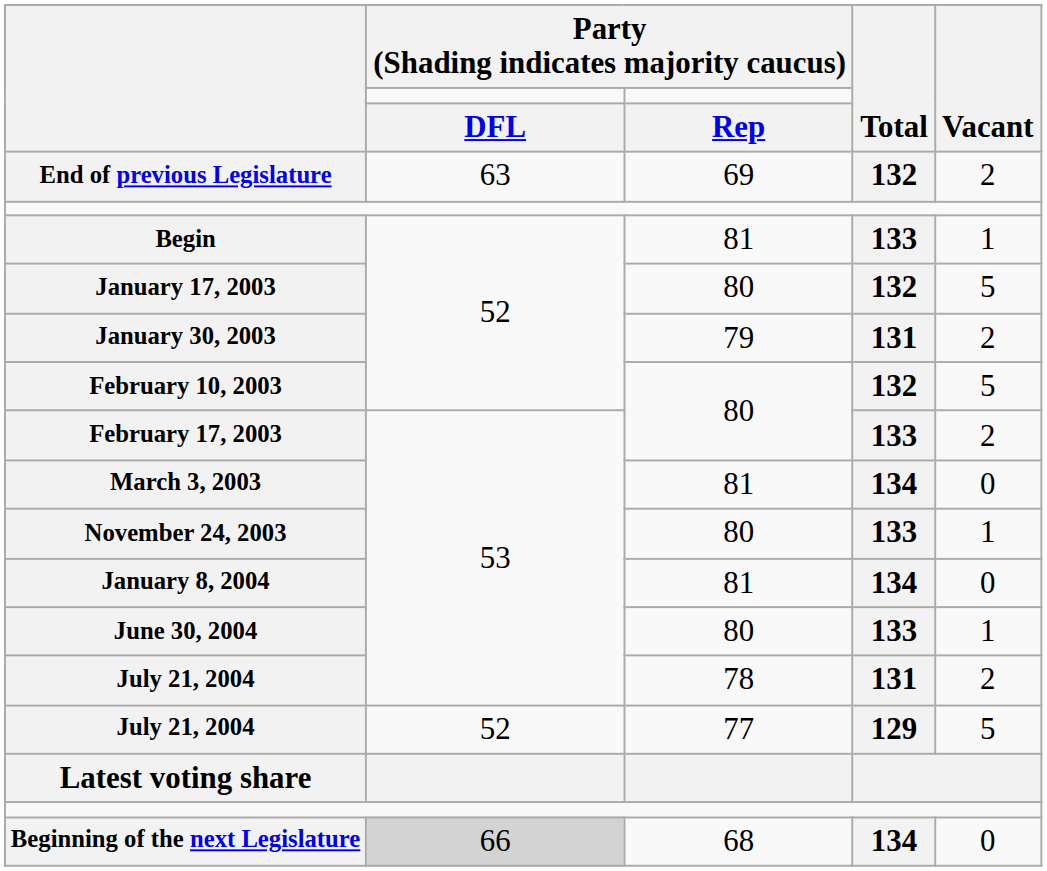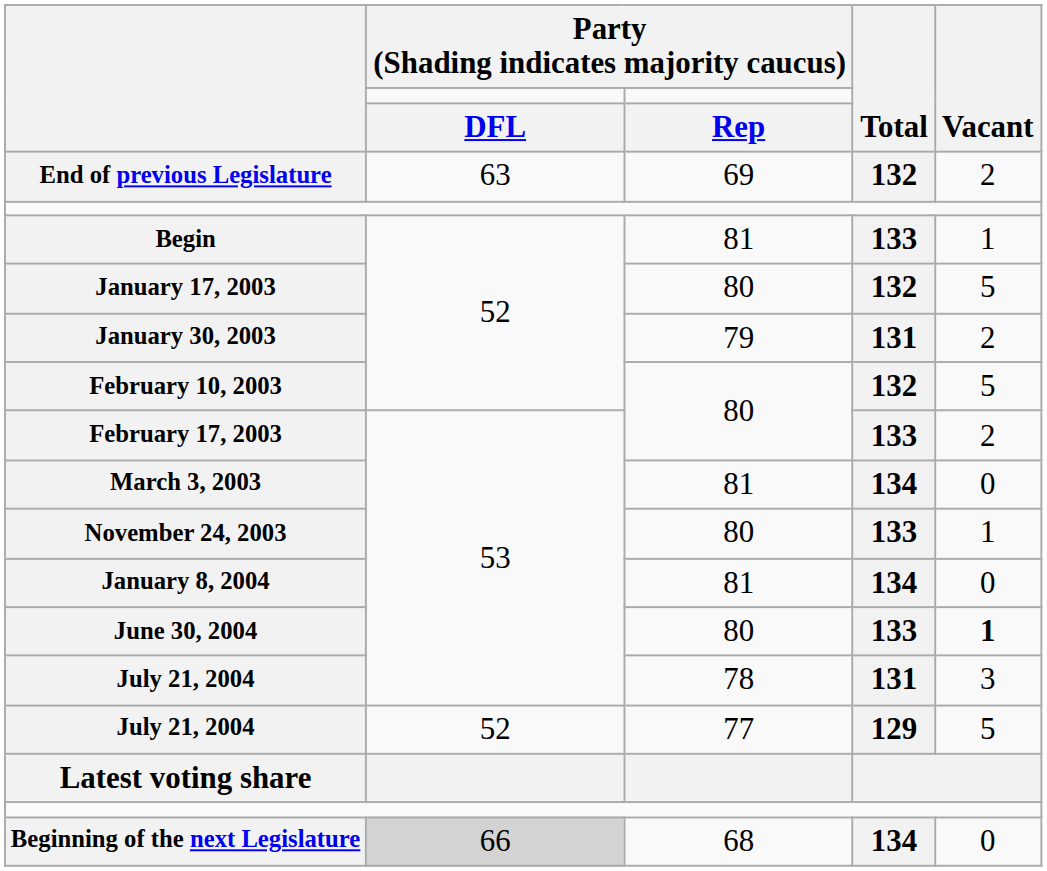 <table class=wikitable style="text-align:center">
 <tr style="vertical-align:bottom;">
 <th rowspan=3></th>
 <th colspan=2>Party <div>(Shading indicates majority caucus)</div></th>
 <th rowspan=3>Total</th>
 <th rowspan=3>Vacant</th>
 </tr>
 <tr style="height:5px">
 <td style="background-color:"></td>
 <td style="background-color:"></td>
 </tr>
 <tr>
 <th><a href='#'>DFL</a></th>
 <th><a href='#'>Rep</a></th>
 </tr>
 <tr>
 <th style="white-space:nowrap; font-size:80%;">End of <a href='#'>previous Legislature</a></th>
 <td>63</td>
 <td>69</td>
 <th>132</th>
 <td>2</td>
 </tr>
 <tr>
 <td colspan=6></td>
 </tr>
 <tr>
 <th style="font-size:80%">Begin</th>
 <td rowspan="4">52</td>
 <td>81</td>
 <th>133</th>
 <td>1</td>
 </tr>
 <tr>
 <th style="font-size:80%">January 17, 2003 </th>
 <td>80</td>
 <th>132</th>
 <td>5</td>
 </tr>
 <tr>
 <th style="font-size:80%">January 30, 2003 </th>
 <td>79</td>
 <th>131</th>
 <td>2</td>
 </tr>
 <tr>
 <th style="font-size:80%">February 10, 2003 </th>
 <td rowspan="2" >80</td>
 <th>132</th>
 <td>5</td>
 </tr>
 <tr>
 <th style="font-size:80%">February 17, 2003 </th>
 <td rowspan="6">53</td>
 <th>133</th>
 <td>2</td>
 </tr>
 <tr>
 <th style="font-size:80%">March 3, 2003 </th>
 <td>81</td>
 <th>134</th>
 <td>0</td>
 </tr>
 <tr>
 <th style="font-size:80%">November 24, 2003 </th>
 <td>80</td>
 <th>133</th>
 <td>1</td>
 </tr>
 <tr>
 <th style="font-size:80%">January 8, 2004 </th>
 <td>81</td>
 <th>134</th>
 <td>0</td>
 </tr>
 <tr>
 <th style="font-size:80%">June 30, 2004 </th>
 <td>80</td>
 <th>133</th>
-<td>1</td>
+<td><strong>1</strong></td>
 </tr>
 <tr>
 <th style="font-size:80%">July 21, 2004 </th>
 <td>78</td>
 <th>131</th>
-<td>2</td>
+<td>3</td>
 </tr>
 <tr>
 <th style="font-size:80%">July 21, 2004 </th>
 <td>52</td>
 <td>77</td>
 <th>129</th>
 <td>5</td>
 </tr>
 <tr>
 <th>Latest voting share</th>
 <th></th>
 <th></th>
 <th colspan=2></th>
 </tr>
 <tr>
 <td colspan=6></td>
 </tr>
 <tr>
 <th style="white-space:nowrap; font-size:80%;">Beginning of the <a href='#'>next Legislature</a></th>
 <td style="background: lightgrey;">66</td>
 <td>68</td>
 <th>134</th>
 <td>0</td>
 </tr>
 </table>
